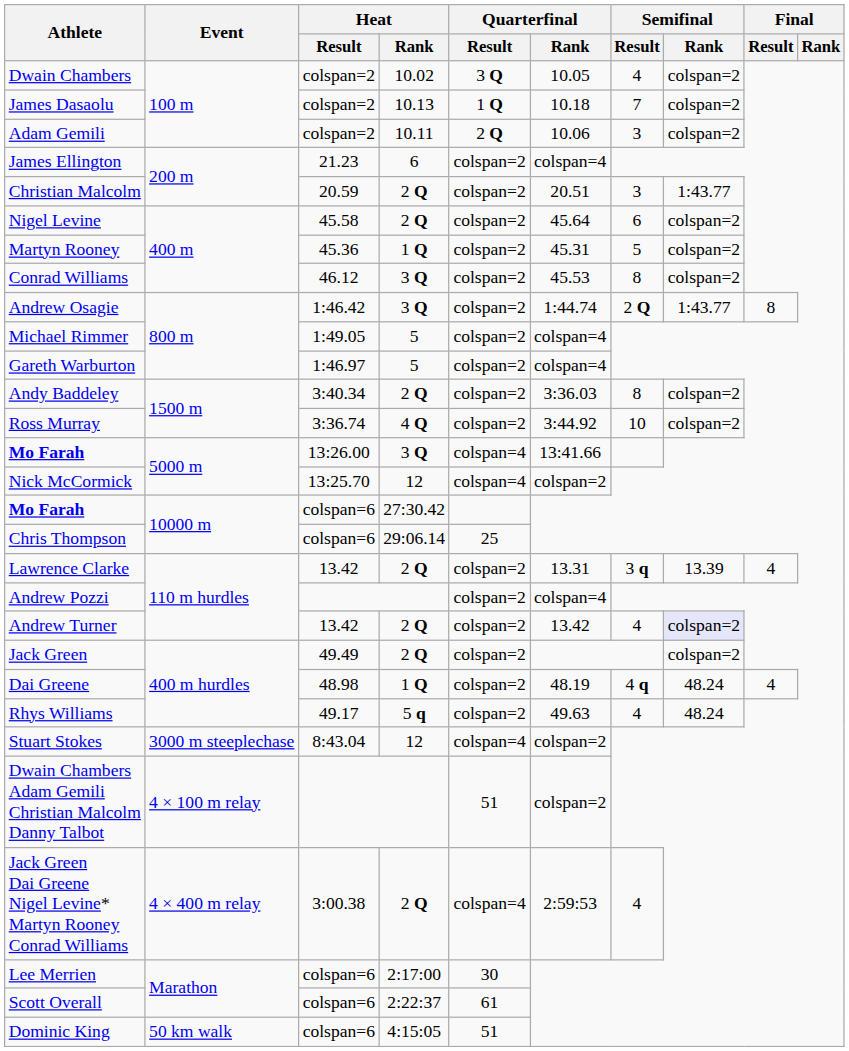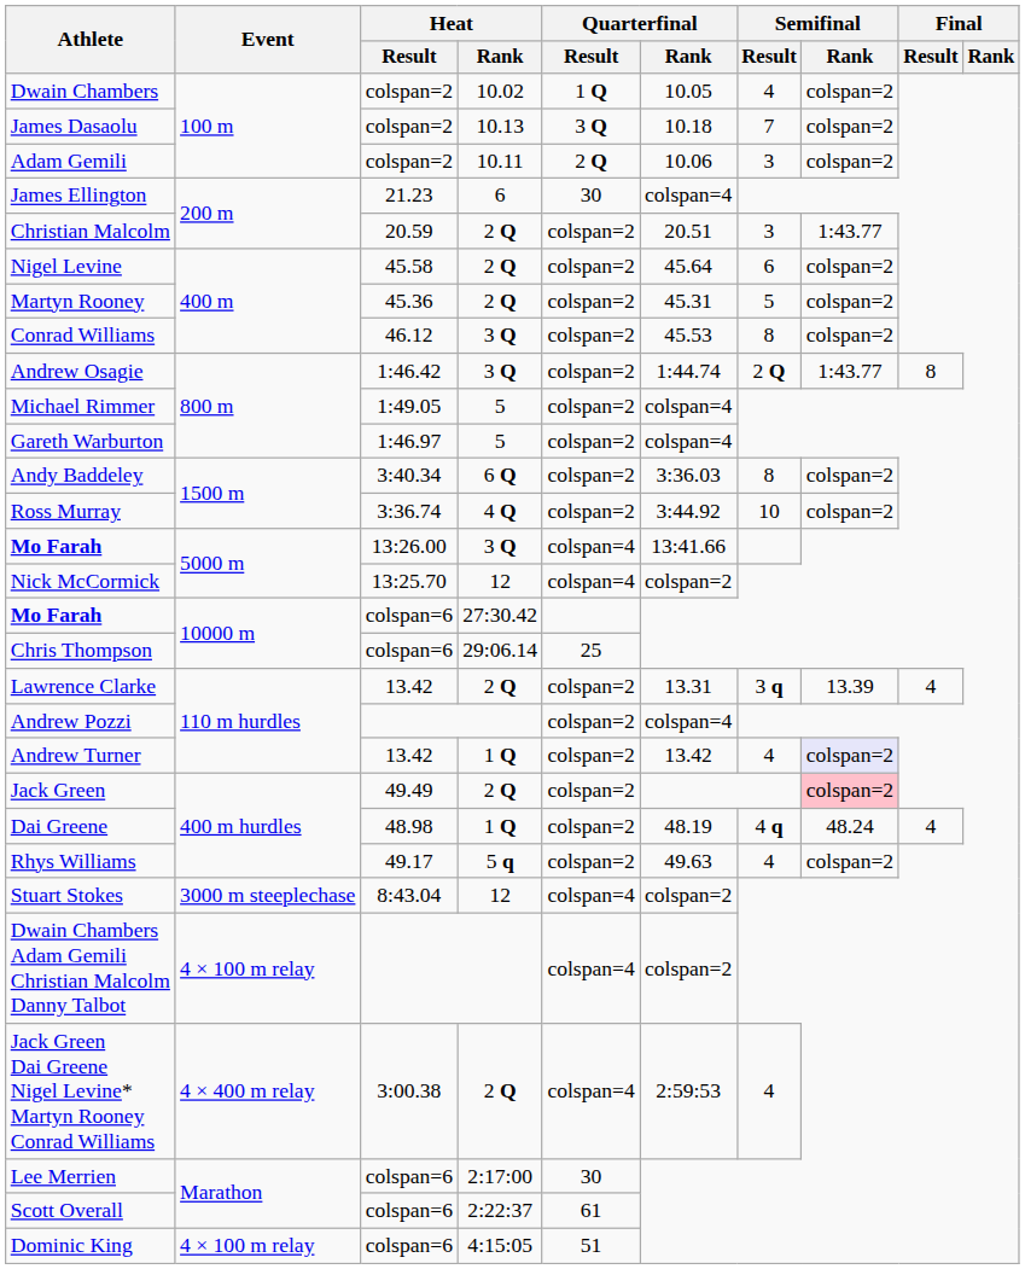 <table class="wikitable" style="text-align:center; font-size:90%;">
 <tr>
 <th rowspan="2">Athlete</th>
 <th rowspan="2">Event</th>
 <th colspan="2">Heat</th>
 <th colspan="2">Quarterfinal</th>
 <th colspan="2">Semifinal</th>
 <th colspan="2">Final</th>
 </tr>
 <tr style="font-size:95%">
 <th>Result</th>
 <th>Rank</th>
 <th>Result</th>
 <th>Rank</th>
 <th>Result</th>
 <th>Rank</th>
 <th>Result</th>
 <th>Rank</th>
 </tr>
 <tr>
 <td style="text-align:left;"><a href='#'>Dwain Chambers</a></td>
 <td style="text-align:left;" rowspan="3"><a href='#'>100 m</a></td>
 <td>colspan=2 </td>
 <td>10.02</td>
-<td>3 <strong>Q</strong></td>
+<td>1 <strong>Q</strong></td>
 <td>10.05</td>
 <td>4</td>
 <td>colspan=2 </td>
 </tr>
 <tr>
 <td style="text-align:left;"><a href='#'>James Dasaolu</a></td>
 <td>colspan=2 </td>
 <td>10.13</td>
-<td>1 <strong>Q</strong></td>
+<td>3 <strong>Q</strong></td>
 <td>10.18</td>
 <td>7</td>
 <td>colspan=2 </td>
 </tr>
 <tr>
 <td style="text-align:left;"><a href='#'>Adam Gemili</a></td>
 <td>colspan=2 </td>
 <td>10.11</td>
 <td>2 <strong>Q</strong></td>
 <td>10.06</td>
 <td>3</td>
 <td>colspan=2 </td>
 </tr>
 <tr>
 <td style="text-align:left;"><a href='#'>James Ellington</a></td>
 <td style="text-align:left;" rowspan="2"><a href='#'>200 m</a></td>
 <td>21.23</td>
 <td>6</td>
-<td>colspan=2 </td>
+<td>30</td>
 <td>colspan=4 </td>
 </tr>
 <tr>
 <td style="text-align:left;"><a href='#'>Christian Malcolm</a></td>
 <td>20.59</td>
 <td>2 <strong>Q</strong></td>
 <td>colspan=2 </td>
 <td>20.51</td>
 <td>3</td>
 <td>1:43.77</td>
 </tr>
 <tr>
 <td style="text-align:left;"><a href='#'>Nigel Levine</a></td>
 <td style="text-align:left;" rowspan="3"><a href='#'>400 m</a></td>
 <td>45.58</td>
 <td>2 <strong>Q</strong></td>
 <td>colspan=2 </td>
 <td>45.64</td>
 <td>6</td>
 <td>colspan=2 </td>
 </tr>
 <tr>
 <td style="text-align:left;"><a href='#'>Martyn Rooney</a></td>
 <td>45.36</td>
-<td>1 <strong>Q</strong></td>
+<td>2 <strong>Q</strong></td>
 <td>colspan=2 </td>
 <td>45.31</td>
 <td>5</td>
 <td>colspan=2 </td>
 </tr>
 <tr>
 <td style="text-align:left;"><a href='#'>Conrad Williams</a></td>
 <td>46.12</td>
 <td>3 <strong>Q</strong></td>
 <td>colspan=2 </td>
 <td>45.53</td>
 <td>8</td>
 <td>colspan=2 </td>
 </tr>
 <tr>
 <td style="text-align:left;"><a href='#'>Andrew Osagie</a></td>
 <td style="text-align:left;" rowspan="3"><a href='#'>800 m</a></td>
 <td>1:46.42</td>
 <td>3 <strong>Q</strong></td>
 <td>colspan=2 </td>
 <td>1:44.74</td>
 <td>2 <strong>Q</strong></td>
 <td>1:43.77</td>
 <td>8</td>
 </tr>
 <tr>
 <td style="text-align:left;"><a href='#'>Michael Rimmer</a></td>
 <td>1:49.05</td>
 <td>5</td>
 <td>colspan=2 </td>
 <td>colspan=4 </td>
 </tr>
 <tr>
 <td style="text-align:left;"><a href='#'>Gareth Warburton</a></td>
 <td>1:46.97</td>
 <td>5</td>
 <td>colspan=2 </td>
 <td>colspan=4 </td>
 </tr>
 <tr>
 <td style="text-align:left;"><a href='#'>Andy Baddeley</a></td>
 <td style="text-align:left;" rowspan="2"><a href='#'>1500 m</a></td>
 <td>3:40.34</td>
-<td>2 <strong>Q</strong></td>
+<td>6 <strong>Q</strong></td>
 <td>colspan=2 </td>
 <td>3:36.03</td>
 <td>8</td>
 <td>colspan=2 </td>
 </tr>
 <tr>
 <td style="text-align:left;"><a href='#'>Ross Murray</a></td>
 <td>3:36.74</td>
 <td>4 <strong>Q</strong></td>
 <td>colspan=2 </td>
 <td>3:44.92</td>
 <td>10</td>
 <td>colspan=2 </td>
 </tr>
 <tr>
 <td style="text-align:left;"><strong><a href='#'>Mo Farah</a></strong></td>
 <td style="text-align:left;" rowspan="2"><a href='#'>5000 m</a></td>
 <td>13:26.00</td>
 <td>3 <strong>Q</strong></td>
 <td>colspan=4 </td>
 <td>13:41.66</td>
 <td></td>
 </tr>
 <tr>
 <td style="text-align:left;"><a href='#'>Nick McCormick</a></td>
 <td>13:25.70</td>
 <td>12</td>
 <td>colspan=4 </td>
 <td>colspan=2 </td>
 </tr>
 <tr>
 <td style="text-align:left;"><strong><a href='#'>Mo Farah</a></strong></td>
 <td style="text-align:left;" rowspan="2"><a href='#'>10000 m</a></td>
 <td>colspan=6 </td>
 <td>27:30.42</td>
 <td></td>
 </tr>
 <tr>
 <td style="text-align:left;"><a href='#'>Chris Thompson</a></td>
 <td>colspan=6 </td>
 <td>29:06.14</td>
 <td>25</td>
 </tr>
 <tr>
 <td style="text-align:left;"><a href='#'>Lawrence Clarke</a></td>
 <td style="text-align:left;" rowspan="3"><a href='#'>110 m hurdles</a></td>
 <td>13.42</td>
 <td>2 <strong>Q</strong></td>
 <td>colspan=2 </td>
 <td>13.31</td>
 <td>3 <strong>q</strong></td>
 <td>13.39</td>
 <td>4</td>
 </tr>
 <tr>
 <td style="text-align:left;"><a href='#'>Andrew Pozzi</a></td>
 <td colspan=2></td>
 <td>colspan=2 </td>
 <td>colspan=4 </td>
 </tr>
 <tr>
 <td style="text-align:left;"><a href='#'>Andrew Turner</a></td>
 <td>13.42</td>
-<td>2 <strong>Q</strong></td>
+<td>1 <strong>Q</strong></td>
 <td>colspan=2 </td>
 <td>13.42</td>
 <td>4</td>
 <td style="background: lavender;">colspan=2 </td>
 </tr>
 <tr>
 <td style="text-align:left;"><a href='#'>Jack Green</a></td>
 <td style="text-align:left;" rowspan="3"><a href='#'>400 m hurdles</a></td>
 <td>49.49</td>
 <td>2 <strong>Q</strong></td>
 <td>colspan=2 </td>
 <td colspan=2></td>
-<td>colspan=2 </td>
+<td style="background: pink;">colspan=2 </td>
 </tr>
 <tr>
 <td style="text-align:left;"><a href='#'>Dai Greene</a></td>
 <td>48.98</td>
 <td>1 <strong>Q</strong></td>
 <td>colspan=2 </td>
 <td>48.19</td>
 <td>4 <strong>q</strong></td>
 <td>48.24</td>
 <td>4</td>
 </tr>
 <tr>
 <td style="text-align:left;"><a href='#'>Rhys Williams</a></td>
 <td>49.17</td>
 <td>5 <strong>q</strong></td>
 <td>colspan=2 </td>
 <td>49.63</td>
 <td>4</td>
-<td>48.24</td>
+<td>colspan=2 </td>
 </tr>
 <tr>
 <td style="text-align:left;"><a href='#'>Stuart Stokes</a></td>
 <td style="text-align:left;"><a href='#'>3000 m steeplechase</a></td>
 <td>8:43.04</td>
 <td>12</td>
 <td>colspan=4 </td>
 <td>colspan=2 </td>
 </tr>
 <tr>
 <td style="text-align:left;"><a href='#'>Dwain Chambers</a><br><a href='#'>Adam Gemili</a><br><a href='#'>Christian Malcolm</a><br><a href='#'>Danny Talbot</a></td>
 <td style="text-align:left;"><a href='#'>4 × 100 m relay</a></td>
 <td colspan=2></td>
-<td>51</td>
+<td>colspan=4 </td>
 <td>colspan=2 </td>
 </tr>
 <tr>
 <td style="text-align:left;"><a href='#'>Jack Green</a><br><a href='#'>Dai Greene</a><br><a href='#'>Nigel Levine</a>*<br><a href='#'>Martyn Rooney</a><br><a href='#'>Conrad Williams</a></td>
 <td style="text-align:left;"><a href='#'>4 × 400 m relay</a></td>
 <td>3:00.38</td>
 <td>2 <strong>Q</strong></td>
 <td>colspan=4 </td>
 <td>2:59:53</td>
 <td>4</td>
 </tr>
 <tr>
 <td style="text-align:left;"><a href='#'>Lee Merrien</a></td>
 <td style="text-align:left;" rowspan="2"><a href='#'>Marathon</a></td>
 <td>colspan=6 </td>
 <td>2:17:00</td>
 <td>30</td>
 </tr>
 <tr>
 <td style="text-align:left;"><a href='#'>Scott Overall</a></td>
 <td>colspan=6 </td>
 <td>2:22:37</td>
 <td>61</td>
 </tr>
 <tr>
 <td style="text-align:left;"><a href='#'>Dominic King</a></td>
-<td style="text-align:left;"><a href='#'>50 km walk</a></td>
+<td style="text-align:left;"><a href='#'>4 × 100 m relay</a></td>
 <td>colspan=6 </td>
 <td>4:15:05</td>
 <td>51</td>
 </tr>
 </table>
